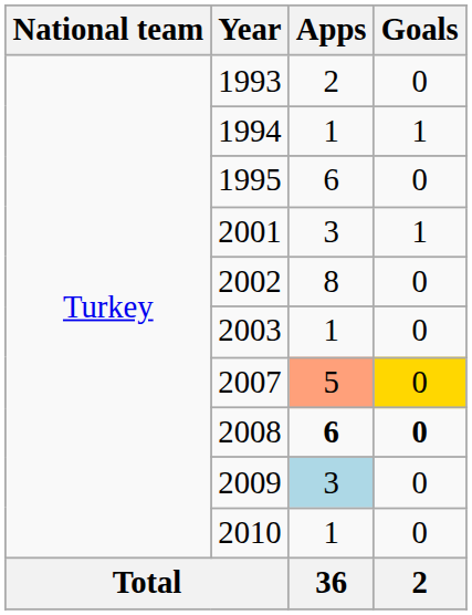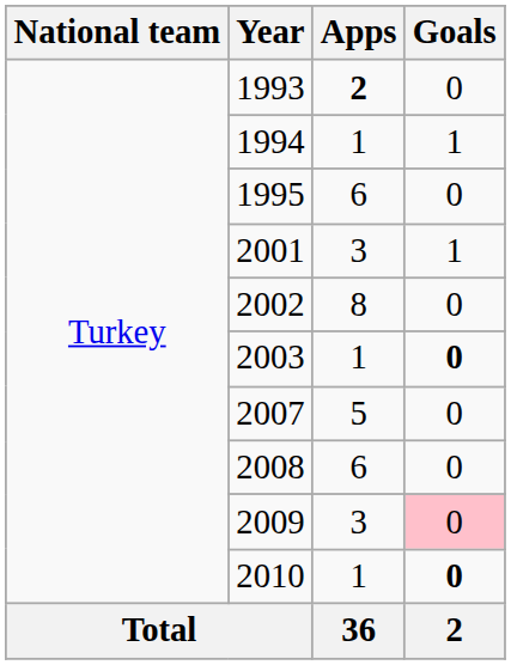 <table class="wikitable" style="text-align:center">
 <tr>
 <th>National team</th>
 <th>Year</th>
 <th>Apps</th>
 <th>Goals</th>
 </tr>
 <tr>
 <td rowspan="10"><a href='#'>Turkey</a></td>
 <td>1993</td>
-<td>2</td>
+<td><strong>2</strong></td>
 <td>0</td>
 </tr>
 <tr>
 <td>1994</td>
 <td>1</td>
 <td>1</td>
 </tr>
 <tr>
 <td>1995</td>
 <td>6</td>
 <td>0</td>
 </tr>
 <tr>
 <td>2001</td>
 <td>3</td>
 <td>1</td>
 </tr>
 <tr>
 <td>2002</td>
 <td>8</td>
 <td>0</td>
 </tr>
 <tr>
 <td>2003</td>
 <td>1</td>
+<td><strong>0</strong></td>
+</tr>
+<tr>
+<td>2007</td>
+<td>5</td>
 <td>0</td>
 </tr>
 <tr>
-<td>2007</td>
-<td style="background: lightsalmon;">5</td>
-<td style="background: gold;">0</td>
-</tr>
-<tr>
 <td>2008</td>
-<td><strong>6</strong></td>
-<td><strong>0</strong></td>
+<td>6</td>
+<td>0</td>
 </tr>
 <tr>
 <td>2009</td>
-<td style="background: lightblue;">3</td>
-<td>0</td>
+<td>3</td>
+<td style="background: pink;">0</td>
 </tr>
 <tr>
 <td>2010</td>
 <td>1</td>
-<td>0</td>
+<td><strong>0</strong></td>
 </tr>
 <tr>
 <th colspan="2">Total</th>
 <th>36</th>
 <th>2</th>
 </tr>
 </table>
